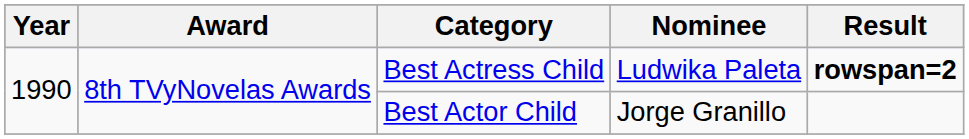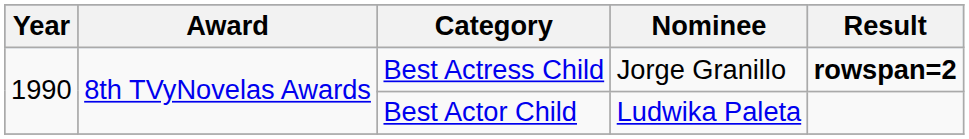 <table class="wikitable">
 <tr style="background:#b0c4de;">
 <th>Year</th>
 <th>Award</th>
 <th>Category</th>
 <th>Nominee</th>
 <th>Result</th>
 </tr>
 <tr>
 <td rowspan=2>1990</td>
 <td rowspan=2><a href='#'>8th TVyNovelas Awards</a></td>
 <td><a href='#'>Best Actress Child</a></td>
-<td><a href='#'>Ludwika Paleta</a></td>
+<td>Jorge Granillo</td>
 <td><strong>rowspan=2 </strong></td>
 </tr>
 <tr>
 <td><a href='#'>Best Actor Child</a></td>
-<td>Jorge Granillo</td>
+<td><a href='#'>Ludwika Paleta</a></td>
 </tr>
 </table>
